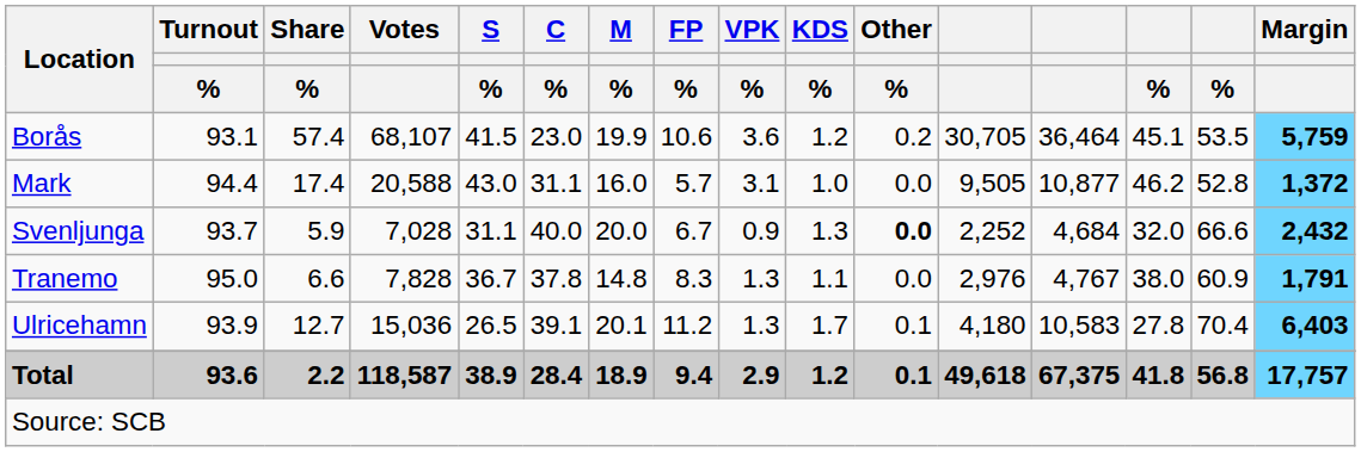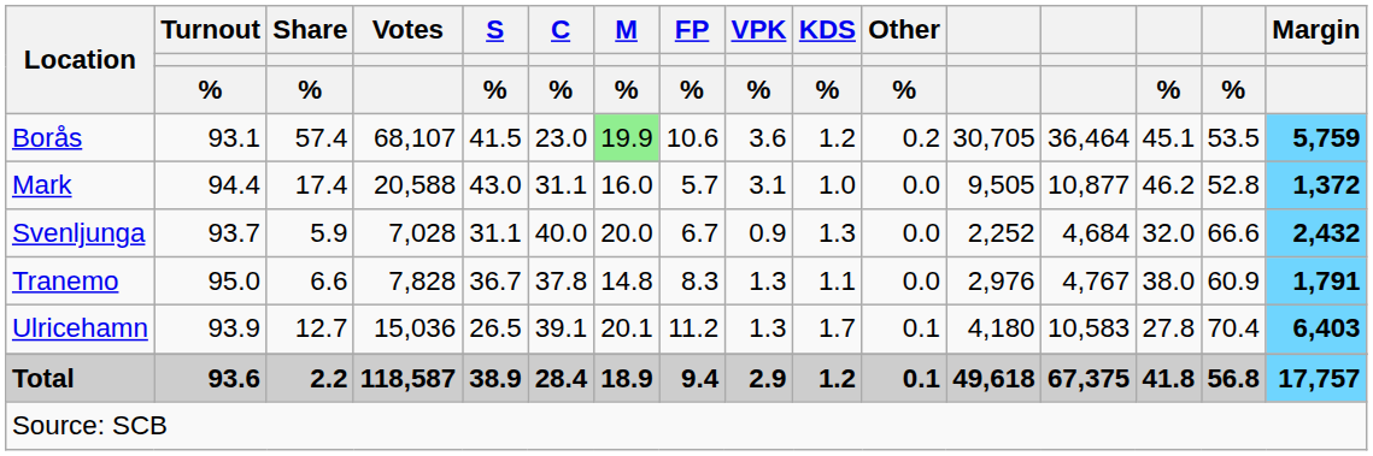 <table class="wikitable sortable" style="text-align:right; font-size:95%; line-height:20px;">
 <tr>
 <th rowspan="3">Location</th>
 <th>Turnout</th>
 <th>Share</th>
 <th>Votes</th>
 <th width="30px" class="unsortable"><a href='#'>S</a></th>
 <th width="30px" class="unsortable"><a href='#'>C</a></th>
 <th width="30px" class="unsortable"><a href='#'>M</a></th>
 <th width="30px" class="unsortable"><a href='#'>FP</a></th>
 <th width="30px" class="unsortable"><a href='#'>VPK</a></th>
 <th width="30px" class="unsortable"><a href='#'>KDS</a></th>
 <th width="30px" class="unsortable">Other</th>
 <th></th>
 <th></th>
 <th></th>
 <th></th>
 <th>Margin</th>
 </tr>
 <tr>
 <th></th>
 <th></th>
 <th></th>
 <th style="background:"></th>
 <th style="background:"></th>
 <th style="background:"></th>
 <th style="background:"></th>
 <th style="background:"></th>
 <th style="background:"></th>
 <th style="background:"></th>
 <th style="background:"></th>
 <th style="background:"></th>
 <th style="background:"></th>
 <th style="background:"></th>
 <th></th>
 </tr>
 <tr>
 <th data-sort-type="number">%</th>
 <th data-sort-type="number">%</th>
 <th></th>
 <th data-sort-type="number">%</th>
 <th data-sort-type="number">%</th>
 <th data-sort-type="number">%</th>
 <th data-sort-type="number">%</th>
 <th data-sort-type="number">%</th>
 <th data-sort-type="number">%</th>
 <th data-sort-type="number">%</th>
 <th data-sort-type="number"></th>
 <th data-sort-type="number"></th>
 <th data-sort-type="number">%</th>
 <th data-sort-type="number">%</th>
 <th data-sort-type="number"></th>
 </tr>
 <tr>
 <td align=left><a href='#'>Borås</a></td>
 <td>93.1</td>
 <td>57.4</td>
 <td>68,107</td>
 <td>41.5</td>
 <td>23.0</td>
-<td>19.9</td>
+<td style="background: lightgreen;">19.9</td>
 <td>10.6</td>
 <td>3.6</td>
 <td>1.2</td>
 <td>0.2</td>
 <td>30,705</td>
 <td>36,464</td>
 <td>45.1</td>
 <td>53.5</td>
 <td bgcolor=#6fd5fe><strong>5,759</strong></td>
 </tr>
 <tr>
 <td align=left><a href='#'>Mark</a></td>
 <td>94.4</td>
 <td>17.4</td>
 <td>20,588</td>
 <td>43.0</td>
 <td>31.1</td>
 <td>16.0</td>
 <td>5.7</td>
 <td>3.1</td>
 <td>1.0</td>
 <td>0.0</td>
 <td>9,505</td>
 <td>10,877</td>
 <td>46.2</td>
 <td>52.8</td>
 <td bgcolor=#6fd5fe><strong>1,372</strong></td>
 </tr>
 <tr>
 <td align=left><a href='#'>Svenljunga</a></td>
 <td>93.7</td>
 <td>5.9</td>
 <td>7,028</td>
 <td>31.1</td>
 <td>40.0</td>
 <td>20.0</td>
 <td>6.7</td>
 <td>0.9</td>
 <td>1.3</td>
-<td><strong>0.0</strong></td>
+<td>0.0</td>
 <td>2,252</td>
 <td>4,684</td>
 <td>32.0</td>
 <td>66.6</td>
 <td bgcolor=#6fd5fe><strong>2,432</strong></td>
 </tr>
 <tr>
 <td align=left><a href='#'>Tranemo</a></td>
 <td>95.0</td>
 <td>6.6</td>
 <td>7,828</td>
 <td>36.7</td>
 <td>37.8</td>
 <td>14.8</td>
 <td>8.3</td>
 <td>1.3</td>
 <td>1.1</td>
 <td>0.0</td>
 <td>2,976</td>
 <td>4,767</td>
 <td>38.0</td>
 <td>60.9</td>
 <td bgcolor=#6fd5fe><strong>1,791</strong></td>
 </tr>
 <tr>
 <td align=left><a href='#'>Ulricehamn</a></td>
 <td>93.9</td>
 <td>12.7</td>
 <td>15,036</td>
 <td>26.5</td>
 <td>39.1</td>
 <td>20.1</td>
 <td>11.2</td>
 <td>1.3</td>
 <td>1.7</td>
 <td>0.1</td>
 <td>4,180</td>
 <td>10,583</td>
 <td>27.8</td>
 <td>70.4</td>
 <td bgcolor=#6fd5fe><strong>6,403</strong></td>
 </tr>
 <tr>
 </tr>
 <tr style="background:#CDCDCD;">
 <td align=left><strong>Total</strong></td>
 <td><strong>93.6</strong></td>
 <td><strong>2.2</strong></td>
 <td><strong>118,587</strong></td>
 <td><strong>38.9</strong></td>
 <td><strong>28.4</strong></td>
 <td><strong>18.9</strong></td>
 <td><strong>9.4</strong></td>
 <td><strong>2.9</strong></td>
 <td><strong>1.2</strong></td>
 <td><strong>0.1</strong></td>
 <td><strong>49,618</strong></td>
 <td><strong>67,375</strong></td>
 <td><strong>41.8</strong></td>
 <td><strong>56.8</strong></td>
 <td bgcolor=#6fd5fe><strong>17,757</strong></td>
 </tr>
 <tr>
 <td align=left colspan=16>Source: SCB </td>
 </tr>
 </table>
